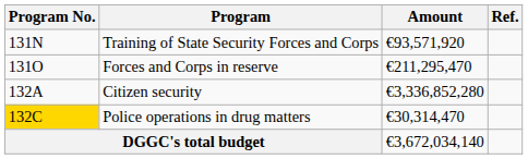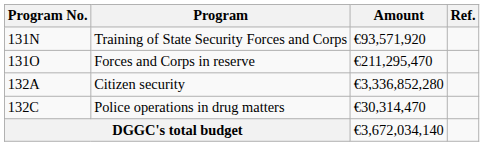 <table class="wikitable">
 <tr>
 <th>Program No.</th>
 <th>Program</th>
 <th>Amount</th>
 <th>Ref.</th>
 </tr>
 <tr>
 <td>131N</td>
 <td>Training of State Security Forces and Corps</td>
 <td>€93,571,920</td>
 <td></td>
 </tr>
 <tr>
 <td>131O</td>
 <td>Forces and Corps in reserve</td>
 <td>€211,295,470</td>
 <td></td>
 </tr>
 <tr>
 <td>132A</td>
 <td>Citizen security</td>
 <td>€3,336,852,280</td>
 <td></td>
 </tr>
 <tr>
-<td style="background: gold;">132C</td>
+<td>132C</td>
 <td>Police operations in drug matters</td>
 <td>€30,314,470</td>
 <td></td>
 </tr>
 <tr>
 <th colspan="2">DGGC's total budget</th>
 <td>€3,672,034,140</td>
 </tr>
 </table>
